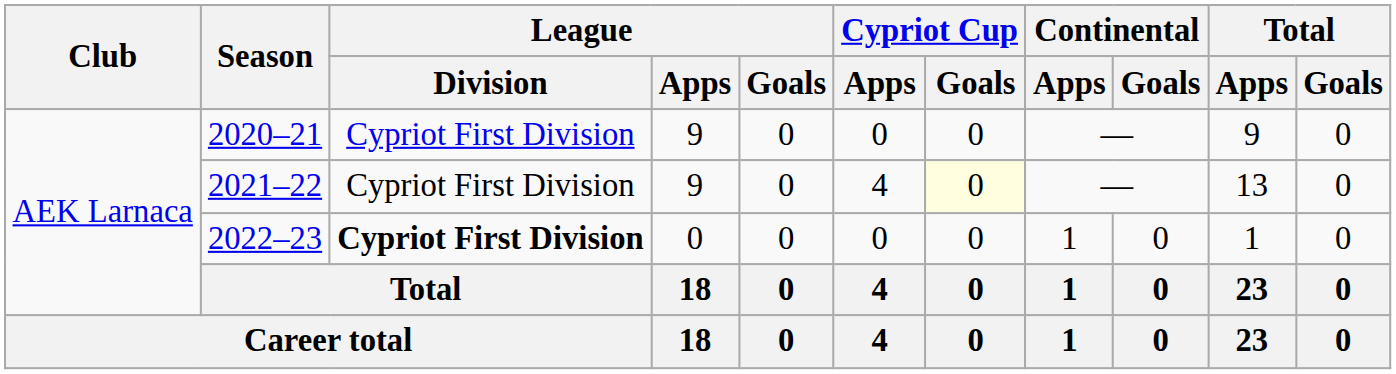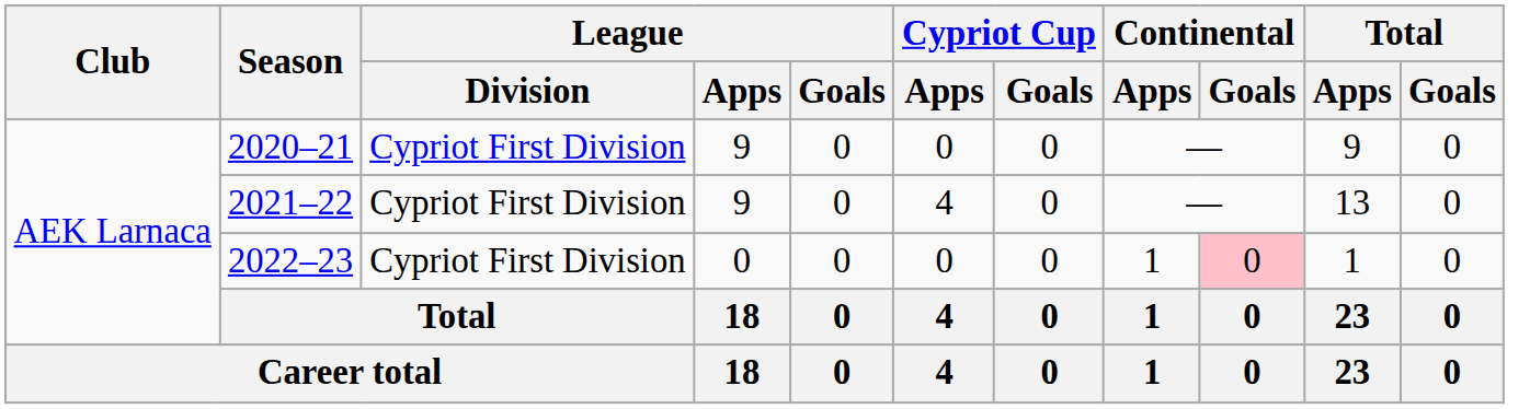 <table class="wikitable" style="text-align:center">
 <tr>
 <th rowspan="2">Club</th>
 <th rowspan="2">Season</th>
 <th colspan="3">League</th>
 <th colspan="2"><a href='#'>Cypriot Cup</a></th>
 <th colspan="2">Continental</th>
 <th colspan="2">Total</th>
 </tr>
 <tr>
 <th>Division</th>
 <th>Apps</th>
 <th>Goals</th>
 <th>Apps</th>
 <th>Goals</th>
 <th>Apps</th>
 <th>Goals</th>
 <th>Apps</th>
 <th>Goals</th>
 </tr>
 <tr>
 <td rowspan="4"><a href='#'>AEK Larnaca</a></td>
 <td><a href='#'>2020–21</a></td>
 <td><a href='#'>Cypriot First Division</a></td>
 <td>9</td>
 <td>0</td>
 <td>0</td>
 <td>0</td>
 <td colspan="2">—</td>
 <td>9</td>
 <td>0</td>
 </tr>
 <tr>
 <td><a href='#'>2021–22</a></td>
 <td>Cypriot First Division</td>
 <td>9</td>
 <td>0</td>
 <td>4</td>
-<td style="background: lightyellow;">0</td>
+<td>0</td>
 <td colspan="2">—</td>
 <td>13</td>
 <td>0</td>
 </tr>
 <tr>
 <td><a href='#'>2022–23</a></td>
-<td><strong>Cypriot First Division</strong></td>
+<td>Cypriot First Division</td>
 <td>0</td>
 <td>0</td>
 <td>0</td>
 <td>0</td>
 <td>1</td>
-<td>0</td>
+<td style="background: pink;">0</td>
 <td>1</td>
 <td>0</td>
 </tr>
 <tr>
 <th colspan="2">Total</th>
 <th>18</th>
 <th>0</th>
 <th>4</th>
 <th>0</th>
 <th>1</th>
 <th>0</th>
 <th>23</th>
 <th>0</th>
 </tr>
 <tr>
 <th colspan="3">Career total</th>
 <th>18</th>
 <th>0</th>
 <th>4</th>
 <th>0</th>
 <th>1</th>
 <th>0</th>
 <th>23</th>
 <th>0</th>
 </tr>
 </table>
